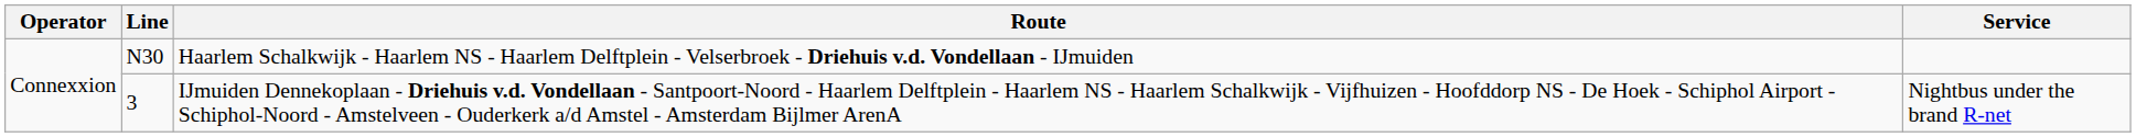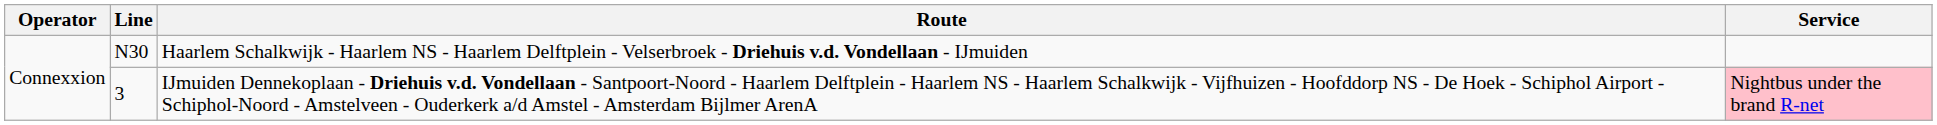 <table class="wikitable">
 <tr>
 <th>Operator</th>
 <th>Line</th>
 <th>Route</th>
 <th>Service</th>
 </tr>
 <tr>
 <td rowspan="2">Connexxion</td>
 <td>N30</td>
 <td>Haarlem Schalkwijk - Haarlem NS - Haarlem Delftplein - Velserbroek - <strong>Driehuis v.d. Vondellaan</strong> - IJmuiden</td>
 <td></td>
 </tr>
 <tr>
 <td>3</td>
 <td>IJmuiden Dennekoplaan - <strong>Driehuis v.d. Vondellaan</strong> - Santpoort-Noord - Haarlem Delftplein - Haarlem NS - Haarlem Schalkwijk - Vijfhuizen - Hoofddorp NS - De Hoek - Schiphol Airport - Schiphol-Noord - Amstelveen - Ouderkerk a/d Amstel - Amsterdam Bijlmer ArenA</td>
-<td rowspan="1">Nightbus under the brand <a href='#'>R-net</a></td>
+<td rowspan="1" style="background: pink;">Nightbus under the brand <a href='#'>R-net</a></td>
 </tr>
 </table>
